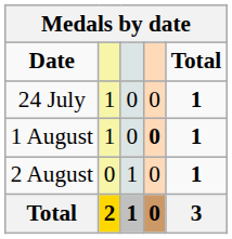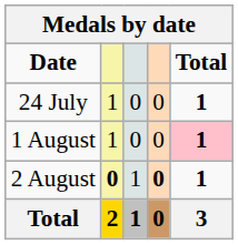 <table class="wikitable" style="font-size:85%">
 <tr bgcolor="#efefef">
 <th colspan=6>Medals by date</th>
 </tr>
 <tr align=center>
 <td><strong>Date</strong></td>
 <td bgcolor=#f7f6a8></td>
 <td bgcolor=#dce5e5></td>
 <td bgcolor=#ffdab9></td>
 <td><strong>Total</strong></td>
 </tr>
 <tr align=center>
 <td>24 July</td>
 <td style="background:#F7F6A8;">1</td>
 <td style="background:#DCE5E5;">0</td>
 <td style="background:#FFDAB9;">0</td>
 <td><strong>1</strong></td>
 </tr>
 <tr align=center>
 <td>1 August</td>
 <td style="background:#F7F6A8;">1</td>
 <td style="background:#DCE5E5;">0</td>
-<td style="background:#FFDAB9;"><strong>0</strong></td>
-<td><strong>1</strong></td>
+<td style="background:#FFDAB9;">0</td>
+<td style="background: pink;"><strong>1</strong></td>
 </tr>
 <tr align=center>
 <td>2 August</td>
-<td style="background:#F7F6A8;">0</td>
+<td style="background:#F7F6A8;"><strong>0</strong></td>
 <td style="background:#DCE5E5;">1</td>
-<td style="background:#FFDAB9;">0</td>
+<td style="background:#FFDAB9;"><strong>0</strong></td>
 <td><strong>1</strong></td>
 </tr>
 <tr align=center>
 <th><strong>Total</strong></th>
 <th style="background:gold;"><strong>2</strong></th>
 <th style="background:silver;"><strong>1</strong></th>
 <th style="background:#c96;"><strong>0</strong></th>
 <th>3</th>
 </tr>
 </table>
